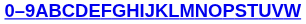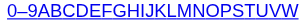 <table id="toc" class="toc" summary="Class" align="center" style="text-align:center;">
 <tr>
 <th></th>
 </tr>
 <tr>
-<td><strong><a href='#'>0–9</a><a href='#'>A</a><a href='#'>B</a><a href='#'>C</a><a href='#'>D</a><a href='#'>E</a><a href='#'>F</a><a href='#'>G</a><a href='#'>H</a><a href='#'>I</a><a href='#'>J</a><a href='#'>K</a><a href='#'>L</a><a href='#'>M</a><a href='#'>N</a><a href='#'>O</a><a href='#'>P</a><a href='#'>S</a><a href='#'>T</a><a href='#'>U</a><a href='#'>V</a><a href='#'>W</a></strong></td>
+<td><a href='#'>0–9</a><a href='#'>A</a><a href='#'>B</a><a href='#'>C</a><a href='#'>D</a><a href='#'>E</a><a href='#'>F</a><a href='#'>G</a><a href='#'>H</a><a href='#'>I</a><a href='#'>J</a><a href='#'>K</a><a href='#'>L</a><a href='#'>M</a><a href='#'>N</a><a href='#'>O</a><a href='#'>P</a><a href='#'>S</a><a href='#'>T</a><a href='#'>U</a><a href='#'>V</a><a href='#'>W</a></td>
 </tr>
 </table>
